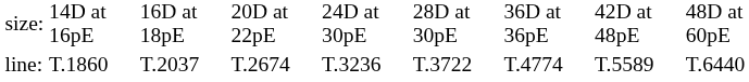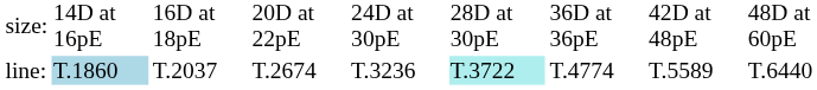 <table style="margin-left:40px;">
 <tr>
 <td>size:</td>
 <td>14D at 16pE</td>
 <td>16D at 18pE</td>
 <td>20D at 22pE</td>
 <td>24D at 30pE</td>
 <td>28D at 30pE</td>
 <td>36D at 36pE</td>
 <td>42D at 48pE</td>
 <td>48D at 60pE</td>
 </tr>
 <tr>
 <td>line:</td>
-<td>T.1860</td>
+<td style="background: lightblue;">T.1860</td>
 <td>T.2037</td>
 <td>T.2674</td>
 <td>T.3236</td>
-<td>T.3722</td>
+<td style="background: paleturquoise;">T.3722</td>
 <td>T.4774</td>
 <td>T.5589</td>
 <td>T.6440</td>
 </tr>
 </table>
